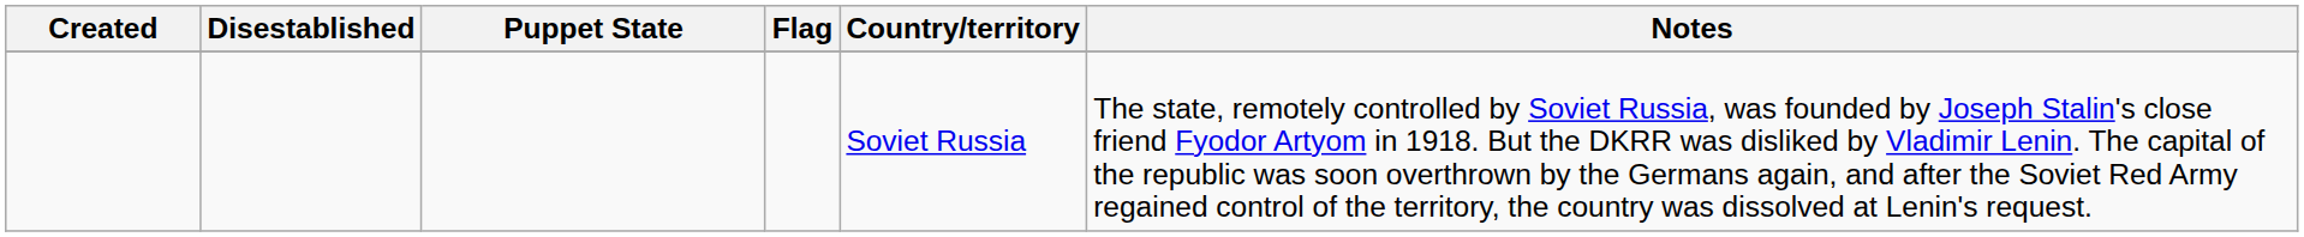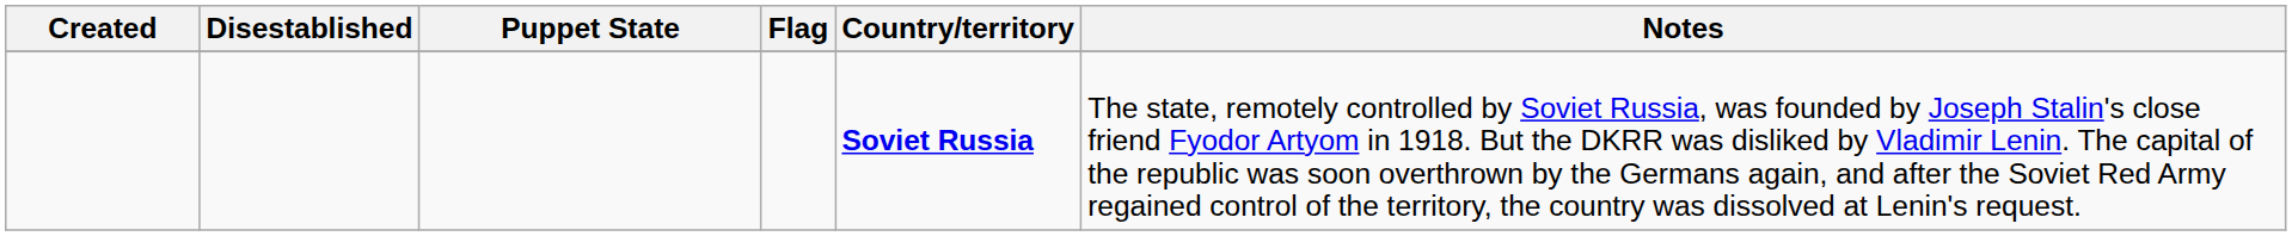 <table class="wikitable">
 <tr>
 <th width=8.5%>Created</th>
 <th>Disestablished</th>
 <th width=15%>Puppet State</th>
 <th>Flag</th>
 <th>Country/territory</th>
 <th>Notes</th>
 </tr>
 <tr>
 </tr>
 <tr>
 <td></td>
 <td></td>
 <td></td>
 <td></td>
-<td><a href='#'>Soviet Russia</a></td>
+<td><strong><a href='#'>Soviet Russia</a></strong></td>
 <td><br> The state, remotely controlled by <a href='#'>Soviet Russia</a>, was founded by <a href='#'>Joseph Stalin</a>'s close friend <a href='#'>Fyodor Artyom</a> in 1918. But the DKRR was disliked by <a href='#'>Vladimir Lenin</a>. The capital of the republic was soon overthrown by the Germans again, and after the Soviet Red Army regained control of the territory, the country was dissolved at Lenin's request.</td>
 </tr>
 </table>
